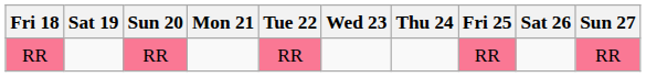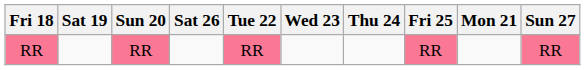 <table class="wikitable" style="margin:0.5em auto; font-size:90%; line-height:1.25em; text-align:center">
 <tr>
 <th>Fri 18</th>
 <th>Sat 19</th>
 <th>Sun 20</th>
-<th>Mon 21</th>
+<th>Sat 26</th>
 <th>Tue 22</th>
 <th>Wed 23</th>
 <th>Thu 24</th>
 <th>Fri 25</th>
-<th>Sat 26</th>
+<th>Mon 21</th>
 <th>Sun 27</th>
 </tr>
 <tr>
 <td bgcolor="#FA7894">RR</td>
 <td></td>
 <td bgcolor="#FA7894">RR</td>
 <td></td>
 <td bgcolor="#FA7894">RR</td>
 <td></td>
 <td></td>
 <td bgcolor="#FA7894">RR</td>
 <td></td>
 <td bgcolor="#FA7894">RR</td>
 </tr>
 </table>
